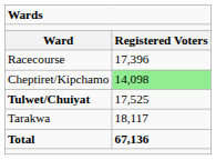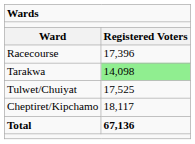 <table class="wikitable">
 <tr>
 <td colspan="2"><strong>Wards</strong></td>
 </tr>
 <tr>
 <td colspan="2"></td>
 </tr>
 <tr>
 <th>Ward</th>
 <th>Registered Voters</th>
 </tr>
 <tr>
 <td>Racecourse</td>
 <td>17,396</td>
 </tr>
 <tr>
-<td>Cheptiret/Kipchamo</td>
+<td>Tarakwa</td>
 <td style="background: lightgreen;">14,098</td>
 </tr>
 <tr>
-<td><strong>Tulwet/Chuiyat</strong></td>
+<td>Tulwet/Chuiyat</td>
 <td>17,525</td>
 </tr>
 <tr>
-<td>Tarakwa</td>
+<td>Cheptiret/Kipchamo</td>
 <td>18,117</td>
 </tr>
 <tr>
 <td><strong>Total</strong></td>
 <td><strong>67,136</strong></td>
 </tr>
 <tr>
 <td colspan="2"></td>
 </tr>
 </table>
